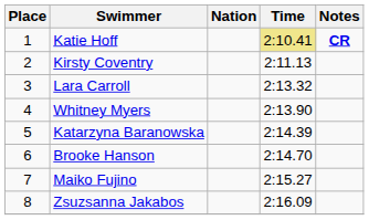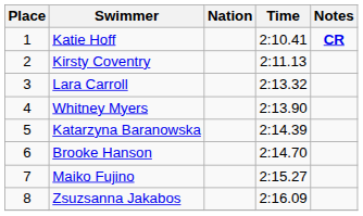 <table class="wikitable sortable" style="text-align:center">
 <tr>
 <th>Place</th>
 <th>Swimmer</th>
 <th>Nation</th>
 <th>Time</th>
 <th>Notes</th>
 </tr>
 <tr>
 <td>1</td>
 <td align=left><a href='#'>Katie Hoff</a></td>
 <td align=left></td>
-<td style="background: khaki;">2:10.41</td>
+<td>2:10.41</td>
 <td><strong><a href='#'>CR</a></strong></td>
 </tr>
 <tr>
 <td>2</td>
 <td align=left><a href='#'>Kirsty Coventry</a></td>
 <td align=left></td>
 <td>2:11.13</td>
 <td></td>
 </tr>
 <tr>
 <td>3</td>
 <td align=left><a href='#'>Lara Carroll</a></td>
 <td align=left></td>
 <td>2:13.32</td>
 <td></td>
 </tr>
 <tr>
 <td>4</td>
 <td align=left><a href='#'>Whitney Myers</a></td>
 <td align=left></td>
 <td>2:13.90</td>
 <td></td>
 </tr>
 <tr>
 <td>5</td>
 <td align=left><a href='#'>Katarzyna Baranowska</a></td>
 <td align=left></td>
 <td>2:14.39</td>
 <td></td>
 </tr>
 <tr>
 <td>6</td>
 <td align=left><a href='#'>Brooke Hanson</a></td>
 <td align=left></td>
 <td>2:14.70</td>
 <td></td>
 </tr>
 <tr>
 <td>7</td>
 <td align=left><a href='#'>Maiko Fujino</a></td>
 <td align=left></td>
 <td>2:15.27</td>
 <td></td>
 </tr>
 <tr>
 <td>8</td>
 <td align=left><a href='#'>Zsuzsanna Jakabos</a></td>
 <td align=left></td>
 <td>2:16.09</td>
 <td></td>
 </tr>
 <tr>
 </tr>
 </table>
